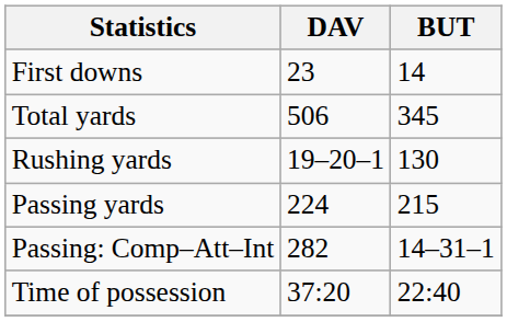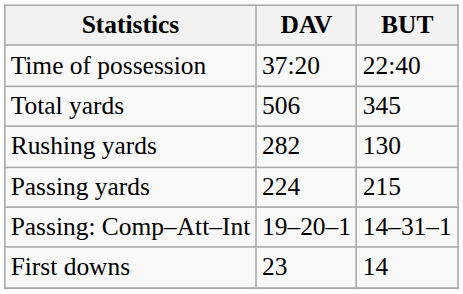 <table class="wikitable" style="float: left;">
 <tr>
 <th>Statistics</th>
 <th>DAV</th>
 <th>BUT</th>
 </tr>
 <tr>
-<td>First downs</td>
-<td>23</td>
-<td>14</td>
+<td>Time of possession</td>
+<td>37:20</td>
+<td>22:40</td>
 </tr>
 <tr>
 <td>Total yards</td>
 <td>506</td>
 <td>345</td>
 </tr>
 <tr>
 <td>Rushing yards</td>
-<td>19–20–1</td>
+<td>282</td>
 <td>130</td>
 </tr>
 <tr>
 <td>Passing yards</td>
 <td>224</td>
 <td>215</td>
 </tr>
 <tr>
 <td>Passing: Comp–Att–Int</td>
-<td>282</td>
+<td>19–20–1</td>
 <td>14–31–1</td>
 </tr>
 <tr>
-<td>Time of possession</td>
-<td>37:20</td>
-<td>22:40</td>
+<td>First downs</td>
+<td>23</td>
+<td>14</td>
 </tr>
 <tr>
 </tr>
 </table>
